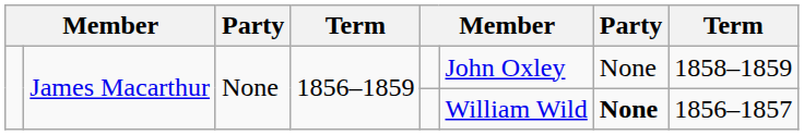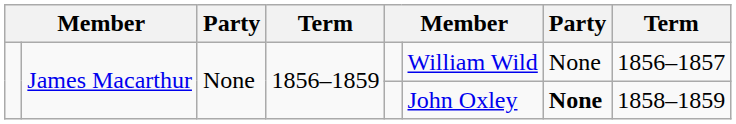 <table class="wikitable">
 <tr>
 <th colspan="2">Member</th>
 <th>Party</th>
 <th>Term</th>
 <th colspan="2">Member</th>
 <th>Party</th>
 <th>Term</th>
 </tr>
 <tr>
 <td rowspan="2" > </td>
 <td rowspan="2"><a href='#'>James Macarthur</a></td>
 <td rowspan="2">None</td>
 <td rowspan="2">1856–1859</td>
 <td> </td>
-<td><a href='#'>John Oxley</a></td>
+<td><a href='#'>William Wild</a></td>
 <td>None</td>
-<td>1858–1859</td>
+<td>1856–1857</td>
 </tr>
 <tr>
 <td> </td>
-<td><a href='#'>William Wild</a></td>
+<td><a href='#'>John Oxley</a></td>
 <td><strong>None</strong></td>
-<td>1856–1857</td>
+<td>1858–1859</td>
 </tr>
 </table>
